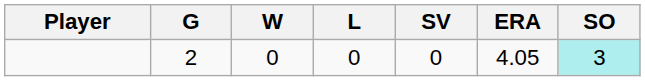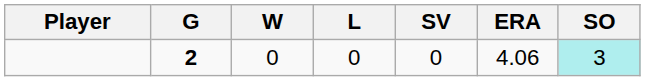 <table class="wikitable sortable">
 <tr>
 <th bgcolor="#DDDDFF" width="16%">Player</th>
 <th bgcolor="#DDDDFF" width="9%">G</th>
 <th bgcolor="#DDDDFF" width="9%">W</th>
 <th bgcolor="#DDDDFF" width="9%">L</th>
 <th bgcolor="#DDDDFF" width="9%">SV</th>
 <th bgcolor="#DDDDFF" width="9%">ERA</th>
 <th bgcolor="#DDDDFF" width="9%">SO</th>
 </tr>
 <tr align="center">
 <td></td>
-<td>2</td>
+<td><strong>2</strong></td>
 <td>0</td>
 <td>0</td>
 <td>0</td>
-<td>4.05</td>
+<td>4.06</td>
 <td style="background: paleturquoise;">3</td>
 </tr>
 </table>
